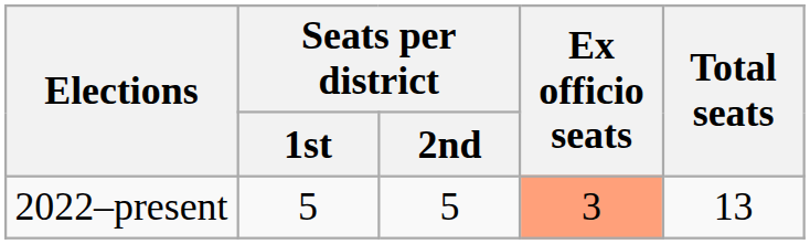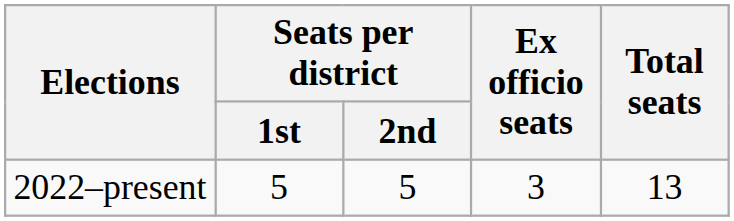 <table class="wikitable" style="text-align:center;">
 <tr>
 <th rowspan="2">Elections</th>
 <th colspan="2">Seats per district</th>
 <th rowspan="2" width="50px">Ex officio seats</th>
 <th rowspan="2" width="50px">Total seats</th>
 </tr>
 <tr>
 <th width="50px">1st</th>
 <th width="50px">2nd</th>
 </tr>
 <tr>
 <td>2022–present</td>
 <td>5</td>
 <td>5</td>
-<td style="background: lightsalmon;">3</td>
+<td>3</td>
 <td>13</td>
 </tr>
 </table>
